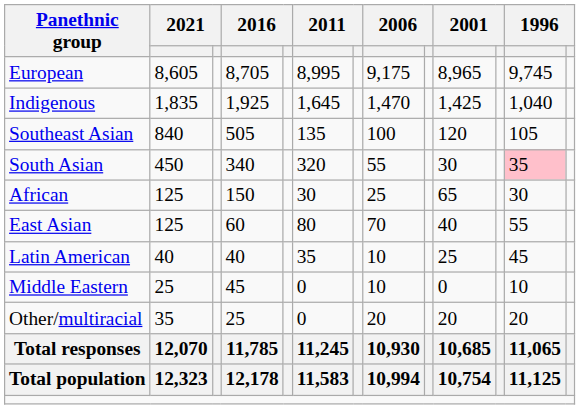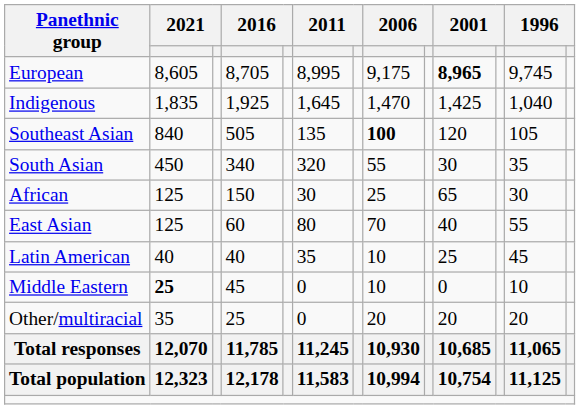 <table class="wikitable collapsible sortable">
 <tr>
 <th rowspan="2"><a href='#'>Panethnic</a><br>group</th>
 <th colspan="2">2021</th>
 <th colspan="2">2016</th>
 <th colspan="2">2011</th>
 <th colspan="2">2006</th>
 <th colspan="2">2001</th>
 <th colspan="2">1996</th>
 </tr>
 <tr>
 <th><a href='#'></a></th>
 <th></th>
 <th></th>
 <th></th>
 <th></th>
 <th></th>
 <th></th>
 <th></th>
 <th></th>
 <th></th>
 <th></th>
 <th></th>
 </tr>
 <tr>
 <td><a href='#'>European</a></td>
 <td>8,605</td>
 <td></td>
 <td>8,705</td>
 <td></td>
 <td>8,995</td>
 <td></td>
 <td>9,175</td>
 <td></td>
-<td>8,965</td>
+<td><strong>8,965</strong></td>
 <td></td>
 <td>9,745</td>
 <td></td>
 </tr>
 <tr>
 <td><a href='#'>Indigenous</a></td>
 <td>1,835</td>
 <td></td>
 <td>1,925</td>
 <td></td>
 <td>1,645</td>
 <td></td>
 <td>1,470</td>
 <td></td>
 <td>1,425</td>
 <td></td>
 <td>1,040</td>
 <td></td>
 </tr>
 <tr>
 <td><a href='#'>Southeast Asian</a></td>
 <td>840</td>
 <td></td>
 <td>505</td>
 <td></td>
 <td>135</td>
 <td></td>
-<td>100</td>
+<td><strong>100</strong></td>
 <td></td>
 <td>120</td>
 <td></td>
 <td>105</td>
 <td></td>
 </tr>
 <tr>
 <td><a href='#'>South Asian</a></td>
 <td>450</td>
 <td></td>
 <td>340</td>
 <td></td>
 <td>320</td>
 <td></td>
 <td>55</td>
 <td></td>
 <td>30</td>
 <td></td>
-<td style="background: pink;">35</td>
+<td>35</td>
 <td></td>
 </tr>
 <tr>
 <td><a href='#'>African</a></td>
 <td>125</td>
 <td></td>
 <td>150</td>
 <td></td>
 <td>30</td>
 <td></td>
 <td>25</td>
 <td></td>
 <td>65</td>
 <td></td>
 <td>30</td>
 <td></td>
 </tr>
 <tr>
 <td><a href='#'>East Asian</a></td>
 <td>125</td>
 <td></td>
 <td>60</td>
 <td></td>
 <td>80</td>
 <td></td>
 <td>70</td>
 <td></td>
 <td>40</td>
 <td></td>
 <td>55</td>
 <td></td>
 </tr>
 <tr>
 <td><a href='#'>Latin American</a></td>
 <td>40</td>
 <td></td>
 <td>40</td>
 <td></td>
 <td>35</td>
 <td></td>
 <td>10</td>
 <td></td>
 <td>25</td>
 <td></td>
 <td>45</td>
 <td></td>
 </tr>
 <tr>
 <td><a href='#'>Middle Eastern</a></td>
-<td>25</td>
+<td><strong>25</strong></td>
 <td></td>
 <td>45</td>
 <td></td>
 <td>0</td>
 <td></td>
 <td>10</td>
 <td></td>
 <td>0</td>
 <td></td>
 <td>10</td>
 <td></td>
 </tr>
 <tr>
 <td>Other/<a href='#'>multiracial</a></td>
 <td>35</td>
 <td></td>
 <td>25</td>
 <td></td>
 <td>0</td>
 <td></td>
 <td>20</td>
 <td></td>
 <td>20</td>
 <td></td>
 <td>20</td>
 <td></td>
 </tr>
 <tr>
 <th>Total responses</th>
 <th>12,070</th>
 <th></th>
 <th>11,785</th>
 <th></th>
 <th>11,245</th>
 <th></th>
 <th>10,930</th>
 <th></th>
 <th>10,685</th>
 <th></th>
 <th>11,065</th>
 <th></th>
 </tr>
 <tr>
 <th>Total population</th>
 <th>12,323</th>
 <th></th>
 <th>12,178</th>
 <th></th>
 <th>11,583</th>
 <th></th>
 <th>10,994</th>
 <th></th>
 <th>10,754</th>
 <th></th>
 <th>11,125</th>
 <th></th>
 </tr>
 <tr class="sortbottom">
 <td colspan="15"></td>
 </tr>
 </table>
